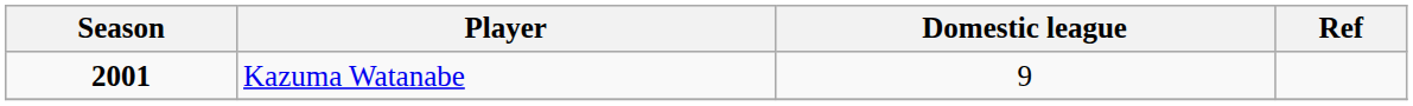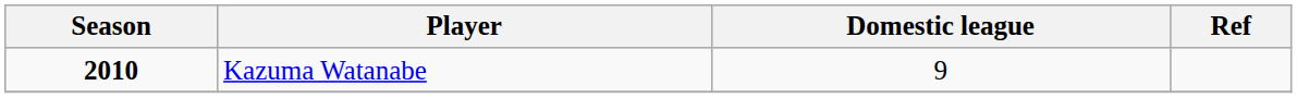 <table class="wikitable sortable" style="width:60%; align:center; text-align:center">
 <tr>
 <th>Season</th>
 <th class="unsortable">Player</th>
 <th>Domestic league</th>
 <th>Ref</th>
 </tr>
 <tr>
-<td><strong>2001</strong></td>
+<td><strong>2010</strong></td>
 <td align="left"> <a href='#'>Kazuma Watanabe</a></td>
 <td>9</td>
 <td></td>
 </tr>
 <tr>
 </tr>
 </table>
